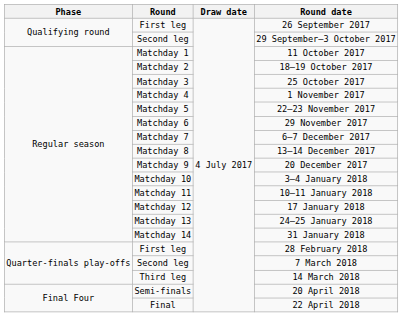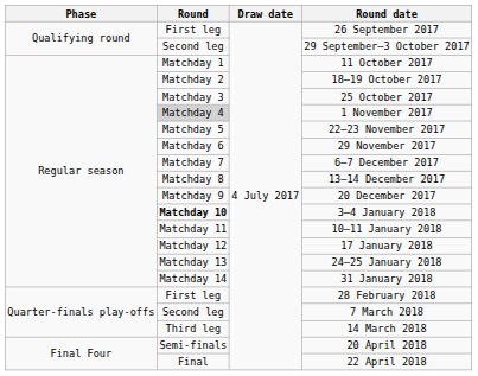 <table class="wikitable" style="text-align:center">
 <tr>
 <th>Phase</th>
 <th>Round</th>
 <th>Draw date</th>
 <th>Round date</th>
 </tr>
 <tr>
 <td rowspan=2>Qualifying round</td>
 <td>First leg</td>
 <td rowspan=21>4 July 2017</td>
 <td>26 September 2017</td>
 </tr>
 <tr>
 <td>Second leg</td>
 <td>29 September–3 October 2017</td>
 </tr>
 <tr>
 <td rowspan=14>Regular season</td>
 <td>Matchday 1</td>
 <td>11 October 2017</td>
 </tr>
 <tr>
 <td>Matchday 2</td>
 <td>18–19 October 2017</td>
 </tr>
 <tr>
 <td>Matchday 3</td>
 <td>25 October 2017</td>
 </tr>
 <tr>
-<td>Matchday 4</td>
+<td style="background: lightgrey;">Matchday 4</td>
 <td>1 November 2017</td>
 </tr>
 <tr>
 <td>Matchday 5</td>
 <td>22–23 November 2017</td>
 </tr>
 <tr>
 <td>Matchday 6</td>
 <td>29 November 2017</td>
 </tr>
 <tr>
 <td>Matchday 7</td>
 <td>6–7 December 2017</td>
 </tr>
 <tr>
 <td>Matchday 8</td>
 <td>13–14 December 2017</td>
 </tr>
 <tr>
 <td>Matchday 9</td>
 <td>20 December 2017</td>
 </tr>
 <tr>
-<td>Matchday 10</td>
+<td><strong>Matchday 10</strong></td>
 <td>3–4 January 2018</td>
 </tr>
 <tr>
 <td>Matchday 11</td>
 <td>10–11 January 2018</td>
 </tr>
 <tr>
 <td>Matchday 12</td>
 <td>17 January 2018</td>
 </tr>
 <tr>
 <td>Matchday 13</td>
 <td>24–25 January 2018</td>
 </tr>
 <tr>
 <td>Matchday 14</td>
 <td>31 January 2018</td>
 </tr>
 <tr>
 <td rowspan=3>Quarter-finals play-offs</td>
 <td>First leg</td>
 <td>28 February 2018</td>
 </tr>
 <tr>
 <td>Second leg</td>
 <td>7 March 2018</td>
 </tr>
 <tr>
 <td>Third leg</td>
 <td>14 March 2018</td>
 </tr>
 <tr>
 <td rowspan=2>Final Four</td>
 <td>Semi-finals</td>
 <td>20 April 2018</td>
 </tr>
 <tr>
 <td>Final</td>
 <td>22 April 2018</td>
 </tr>
 </table>
